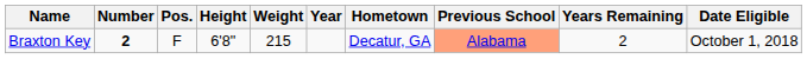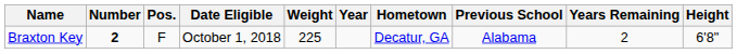 <table class="wikitable sortable sortable" style="text-align: center">
 <tr align=center>
 <th>Name</th>
 <th>Number</th>
 <th>Pos.</th>
-<th>Height</th>
+<th>Date Eligible</th>
 <th>Weight</th>
 <th>Year</th>
 <th>Hometown</th>
 <th>Previous School</th>
 <th>Years Remaining</th>
-<th>Date Eligible</th>
+<th>Height</th>
 </tr>
 <tr>
 <td><a href='#'>Braxton Key</a></td>
 <td><strong>2</strong></td>
 <td>F</td>
-<td>6'8"</td>
-<td>215</td>
+<td>October 1, 2018</td>
+<td>225</td>
 <td></td>
 <td><a href='#'>Decatur, GA</a></td>
-<td style="background: lightsalmon;"><a href='#'>Alabama</a></td>
+<td><a href='#'>Alabama</a></td>
 <td>2</td>
-<td>October 1, 2018</td>
+<td>6'8"</td>
 </tr>
 </table>
